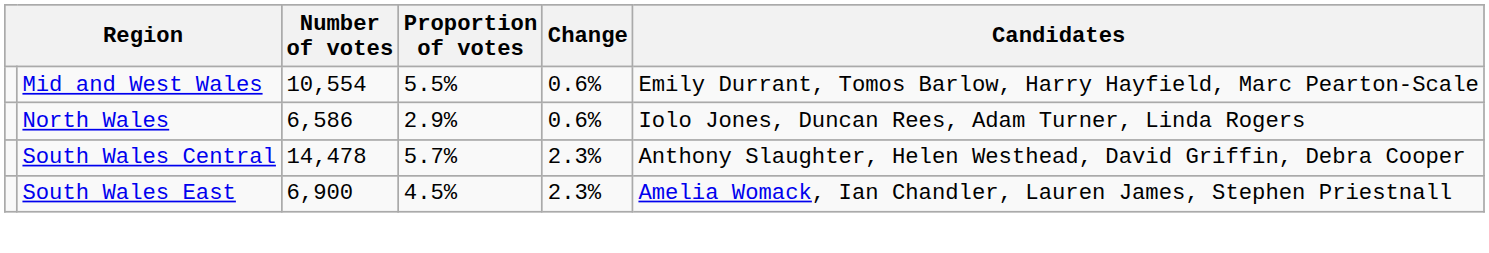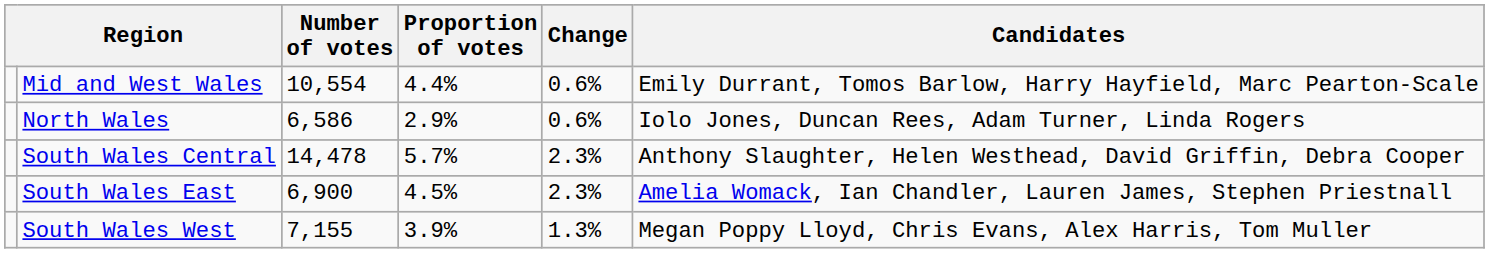 <table class="wikitable">
 <tr>
 <th colspan="2">Region</th>
 <th>Number<br>of votes</th>
 <th>Proportion<br>of votes</th>
 <th>Change</th>
 <th>Candidates</th>
 </tr>
 <tr>
 <td width="1" style="color:inherit;background:"></td>
 <td><a href='#'>Mid and West Wales</a></td>
 <td>10,554</td>
-<td>5.5%</td>
+<td>4.4%</td>
 <td> 0.6%</td>
 <td>Emily Durrant, Tomos Barlow, Harry Hayfield, Marc Pearton-Scale</td>
 </tr>
 <tr>
 <td style="color:inherit;background:"></td>
 <td><a href='#'>North Wales</a></td>
 <td>6,586</td>
 <td>2.9%</td>
 <td> 0.6%</td>
 <td>Iolo Jones, Duncan Rees, Adam Turner, Linda Rogers</td>
 </tr>
 <tr>
 <td style="color:inherit;background:"></td>
 <td><a href='#'>South Wales Central</a></td>
 <td>14,478</td>
 <td>5.7%</td>
 <td> 2.3%</td>
 <td>Anthony Slaughter, Helen Westhead, David Griffin, Debra Cooper</td>
 </tr>
 <tr>
 <td style="color:inherit;background:"></td>
 <td><a href='#'>South Wales East</a></td>
 <td>6,900</td>
 <td>4.5%</td>
 <td> 2.3%</td>
 <td><a href='#'>Amelia Womack</a>, Ian Chandler, Lauren James, Stephen Priestnall</td>
 </tr>
+<tr>
+<td style="color:inherit;background:"></td>
+<td><a href='#'>South Wales West</a></td>
+<td>7,155</td>
+<td>3.9%</td>
+<td> 1.3%</td>
+<td>Megan Poppy Lloyd, Chris Evans, Alex Harris, Tom Muller</td>
+</tr>
 </table>
